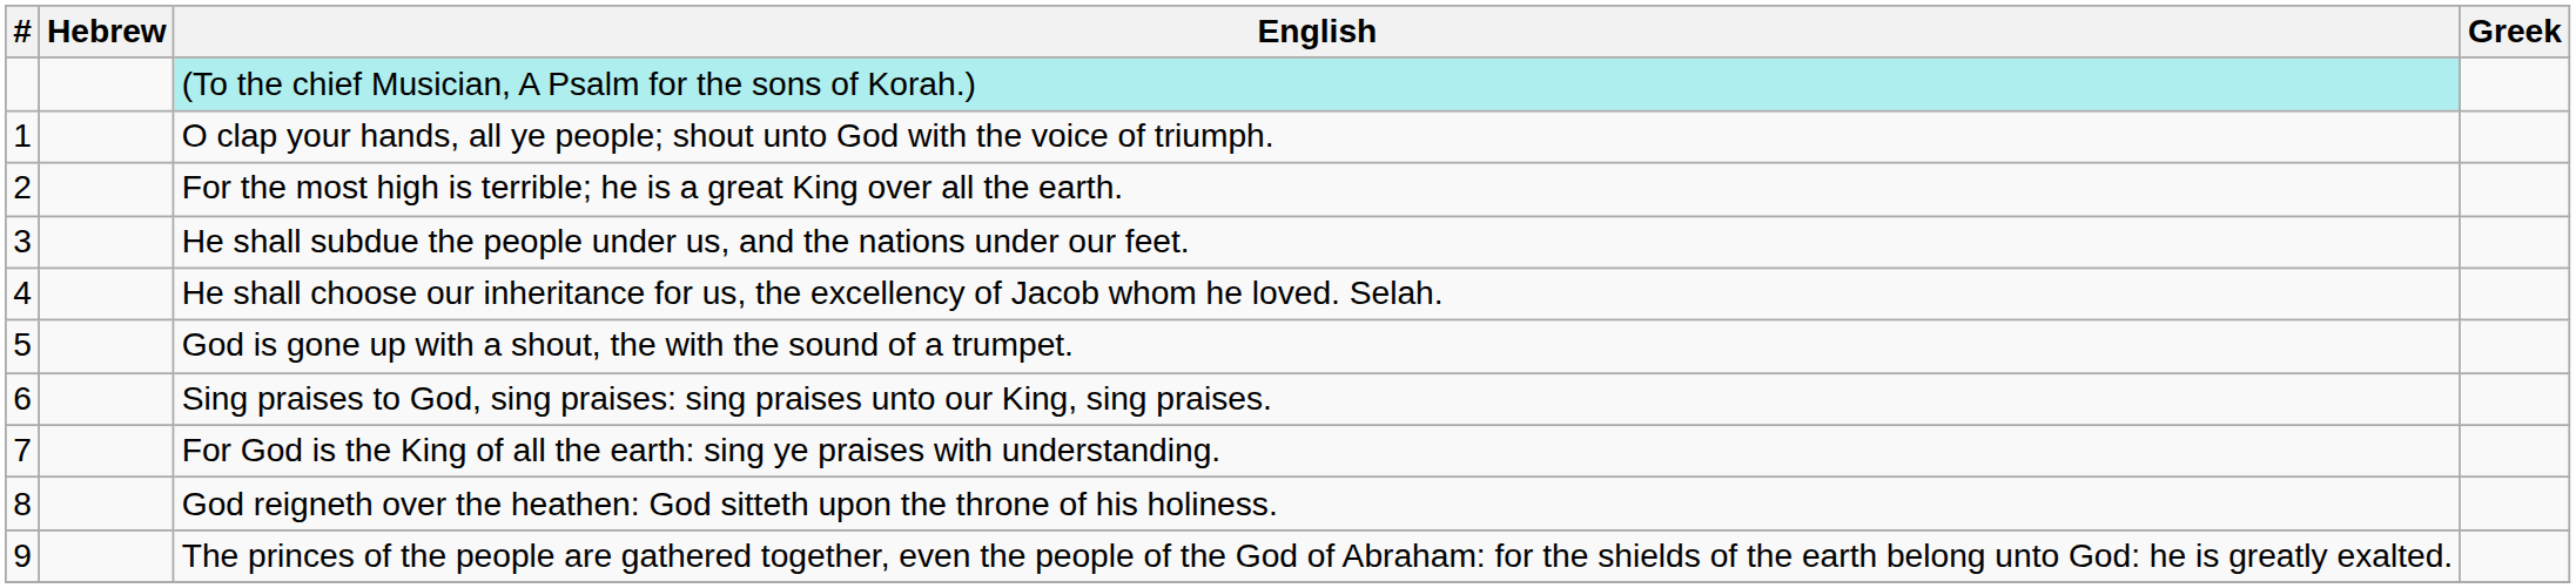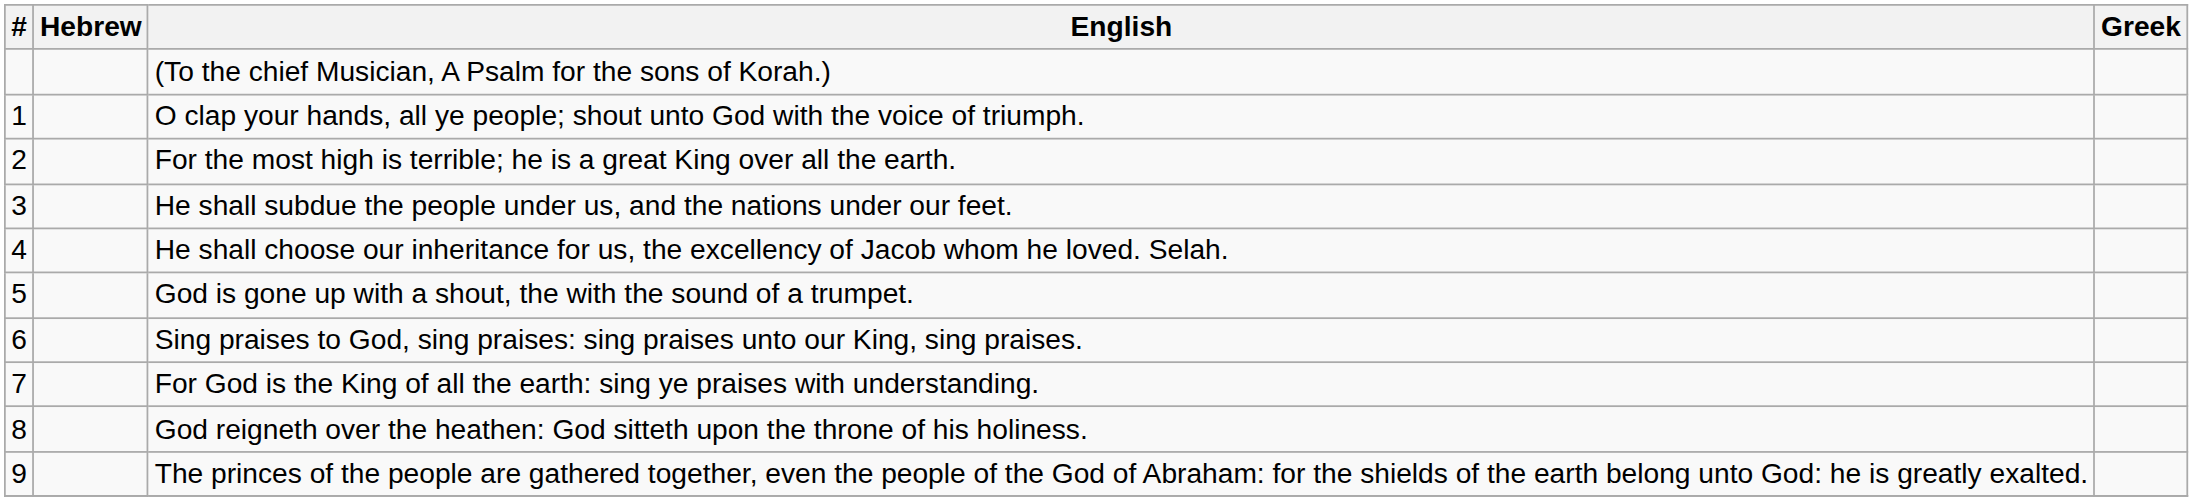 <table class=wikitable>
 <tr>
 <th>#</th>
 <th>Hebrew</th>
 <th>English</th>
 <th>Greek</th>
 </tr>
 <tr>
 <td style="text-align:right"></td>
 <td style="text-align:right"></td>
-<td style="background: paleturquoise;">(To the chief Musician, A Psalm for the sons of Korah.)</td>
+<td>(To the chief Musician, A Psalm for the sons of Korah.)</td>
 <td></td>
 </tr>
 <tr>
 <td style="text-align:right">1</td>
 <td style="text-align:right"></td>
 <td>O clap your hands, all ye people; shout unto God with the voice of triumph.</td>
 <td></td>
 </tr>
 <tr>
 <td style="text-align:right">2</td>
 <td style="text-align:right"></td>
 <td>For the  most high is terrible; he is a great King over all the earth.</td>
 <td></td>
 </tr>
 <tr>
 <td style="text-align:right">3</td>
 <td style="text-align:right"></td>
 <td>He shall subdue the people under us, and the nations under our feet.</td>
 <td></td>
 </tr>
 <tr>
 <td style="text-align:right">4</td>
 <td style="text-align:right"></td>
 <td>He shall choose our inheritance for us, the excellency of Jacob whom he loved. Selah.</td>
 <td></td>
 </tr>
 <tr>
 <td style="text-align:right">5</td>
 <td style="text-align:right"></td>
 <td>God is gone up with a shout, the  with the sound of a trumpet.</td>
 <td></td>
 </tr>
 <tr>
 <td style="text-align:right">6</td>
 <td style="text-align:right"></td>
 <td>Sing praises to God, sing praises: sing praises unto our King, sing praises.</td>
 <td></td>
 </tr>
 <tr>
 <td style="text-align:right">7</td>
 <td style="text-align:right"></td>
 <td>For God is the King of all the earth: sing ye praises with understanding.</td>
 <td></td>
 </tr>
 <tr>
 <td style="text-align:right">8</td>
 <td style="text-align:right"></td>
 <td>God reigneth over the heathen: God sitteth upon the throne of his holiness.</td>
 <td></td>
 </tr>
 <tr>
 <td style="text-align:right">9</td>
 <td style="text-align:right"></td>
 <td>The princes of the people are gathered together, even the people of the God of Abraham: for the shields of the earth belong unto God: he is greatly exalted.</td>
 <td></td>
 </tr>
 <tr>
 </tr>
 </table>
